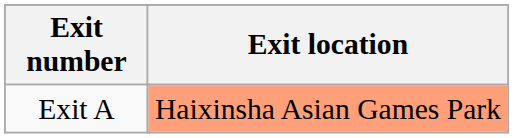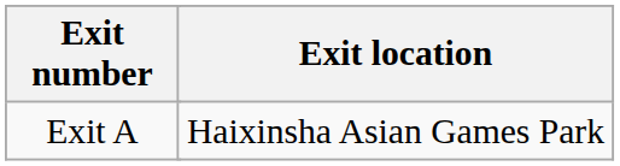 <table class="wikitable">
 <tr>
 <th style="width:70px" colspan="2">Exit number</th>
 <th>Exit location</th>
 </tr>
 <tr>
 <td align="center" colspan="2">Exit A</td>
-<td style="background: lightsalmon;">Haixinsha Asian Games Park</td>
+<td>Haixinsha Asian Games Park</td>
 </tr>
 </table>
